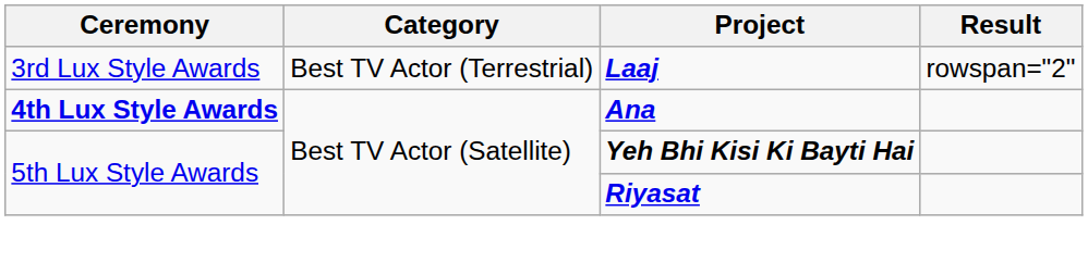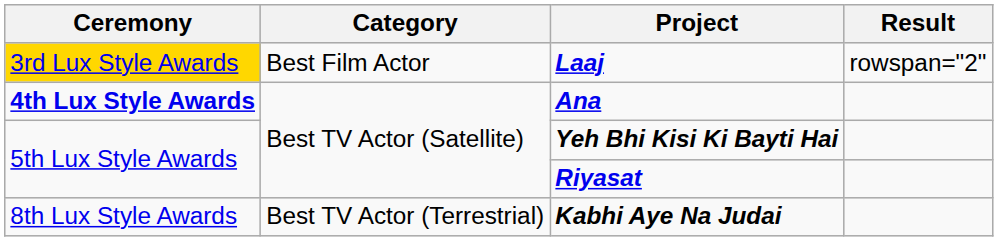 <table class="wikitable style">
 <tr>
 <th>Ceremony</th>
 <th>Category</th>
 <th>Project</th>
 <th>Result</th>
 </tr>
 <tr>
-<td><a href='#'>3rd Lux Style Awards</a></td>
-<td>Best TV Actor (Terrestrial)</td>
+<td style="background: gold;"><a href='#'>3rd Lux Style Awards</a></td>
+<td>Best Film Actor</td>
 <td><strong><em><a href='#'>Laaj</a></em></strong></td>
 <td>rowspan="2" </td>
 </tr>
 <tr>
 <td><strong><a href='#'>4th Lux Style Awards</a></strong></td>
 <td rowspan="3">Best TV Actor (Satellite)</td>
 <td><strong><em><a href='#'>Ana</a></em></strong></td>
 </tr>
 <tr>
 <td rowspan="2"><a href='#'>5th Lux Style Awards</a></td>
 <td><strong><em>Yeh Bhi Kisi Ki Bayti Hai</em></strong></td>
 <td></td>
 </tr>
 <tr>
 <td><strong><em><a href='#'>Riyasat</a></em></strong></td>
 <td></td>
 </tr>
+<tr>
+<td><a href='#'>8th Lux Style Awards</a></td>
+<td>Best TV Actor (Terrestrial)</td>
+<td><strong><em>Kabhi Aye Na Judai</em></strong></td>
+<td></td>
+</tr>
 </table>
